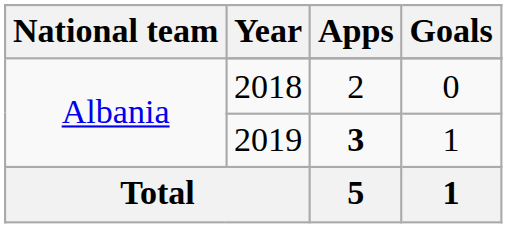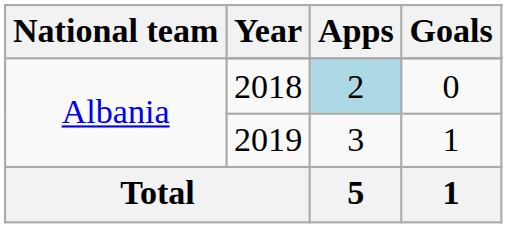 <table class="wikitable" style="text-align:center">
 <tr>
 <th>National team</th>
 <th>Year</th>
 <th>Apps</th>
 <th>Goals</th>
 </tr>
 <tr>
 <td rowspan="3"><a href='#'>Albania</a></td>
 </tr>
 <tr>
 <td>2018</td>
-<td>2</td>
+<td style="background: lightblue;">2</td>
 <td>0</td>
 </tr>
 <tr>
 <td>2019</td>
-<td><strong>3</strong></td>
+<td>3</td>
 <td>1</td>
 </tr>
 <tr>
 <th colspan="2">Total</th>
 <th>5</th>
 <th>1</th>
 </tr>
 </table>
